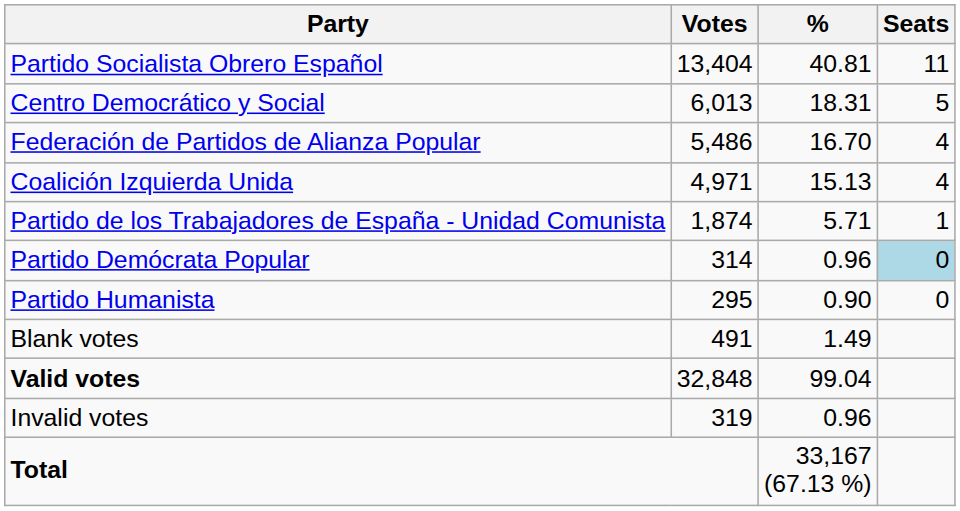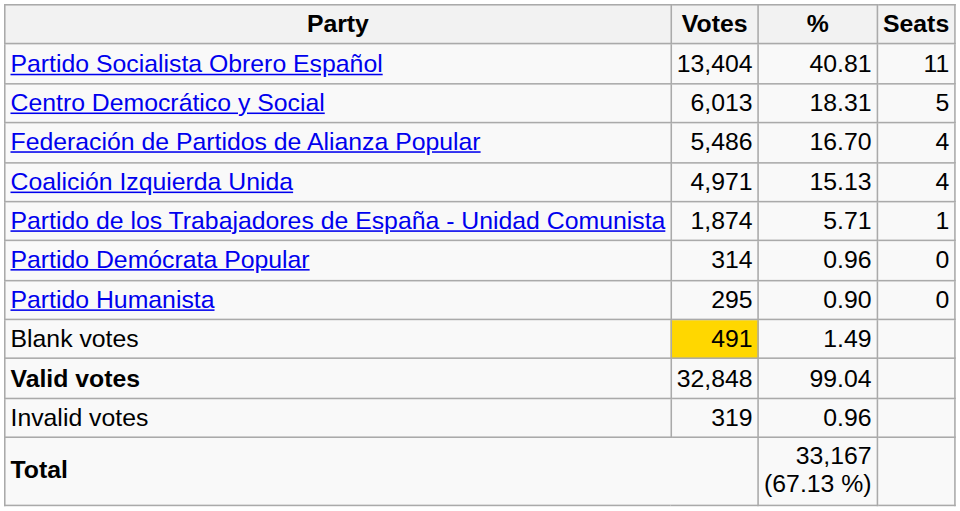 <table class="wikitable" border="1">
 <tr style="background-color:#E9E9E9">
 <th>Party</th>
 <th>Votes</th>
 <th>%</th>
 <th>Seats</th>
 </tr>
 <tr>
 <td><a href='#'>Partido Socialista Obrero Español</a></td>
 <td align="right">13,404</td>
 <td align="right">40.81</td>
 <td align="right">11</td>
 </tr>
 <tr>
 <td><a href='#'>Centro Democrático y Social</a></td>
 <td align="right">6,013</td>
 <td align="right">18.31</td>
 <td align="right">5</td>
 </tr>
 <tr>
 <td><a href='#'>Federación de Partidos de Alianza Popular</a></td>
 <td align="right">5,486</td>
 <td align="right">16.70</td>
 <td align="right">4</td>
 </tr>
 <tr>
 <td><a href='#'>Coalición Izquierda Unida</a></td>
 <td align="right">4,971</td>
 <td align="right">15.13</td>
 <td align="right">4</td>
 </tr>
 <tr>
 <td><a href='#'>Partido de los Trabajadores de España - Unidad Comunista</a></td>
 <td align="right">1,874</td>
 <td align="right">5.71</td>
 <td align="right">1</td>
 </tr>
 <tr>
 <td><a href='#'>Partido Demócrata Popular</a></td>
 <td align="right">314</td>
 <td align="right">0.96</td>
-<td align="right" style="background: lightblue;">0</td>
+<td align="right">0</td>
 </tr>
 <tr>
 <td><a href='#'>Partido Humanista</a></td>
 <td align="right">295</td>
 <td align="right">0.90</td>
 <td align="right">0</td>
 </tr>
 <tr>
 <td>Blank votes</td>
-<td align="right">491</td>
+<td align="right" style="background: gold;">491</td>
 <td align="right">1.49</td>
 <td> </td>
 </tr>
 <tr>
 <td><strong>Valid votes</strong></td>
 <td align="right">32,848</td>
 <td align="right">99.04</td>
 <td> </td>
 </tr>
 <tr>
 <td>Invalid votes</td>
 <td align="right">319</td>
 <td align="right">0.96</td>
 <td> </td>
 </tr>
 <tr>
 <td colspan="2"><strong>Total</strong></td>
 <td align="right">33,167<br>(67.13 %)</td>
 <td></td>
 </tr>
 </table>
